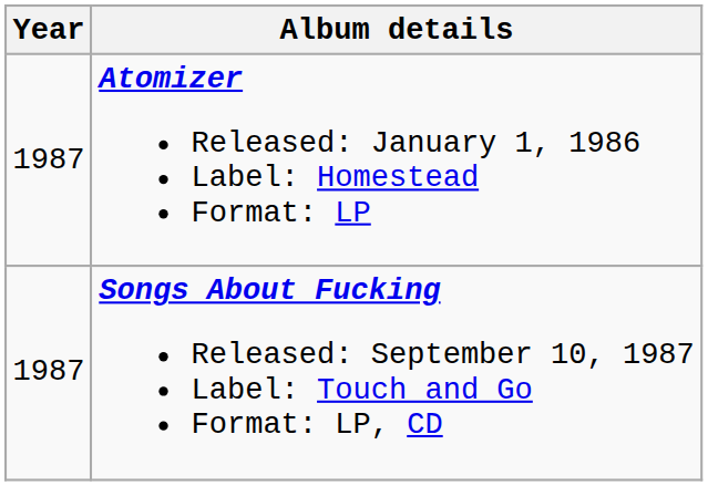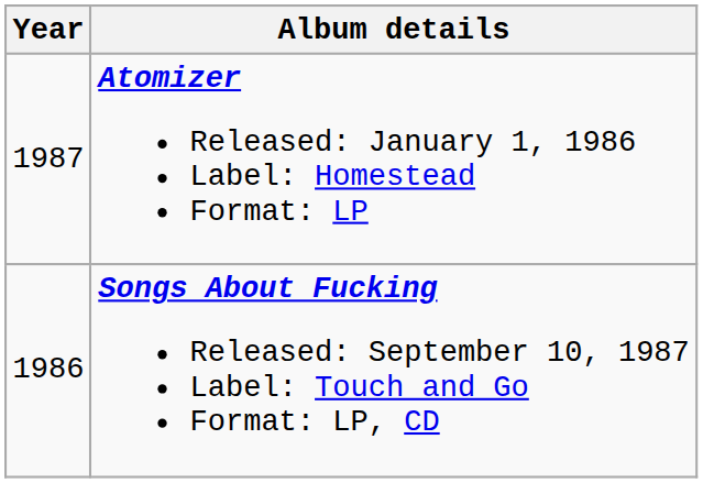 <table class ="wikitable">
 <tr>
 <th>Year</th>
 <th>Album details</th>
 </tr>
 <tr>
 <td>1987</td>
 <td><strong><em><a href='#'>Atomizer</a></em></strong><br><ul><li>Released: January 1, 1986</li><li>Label: <a href='#'>Homestead</a></li><li>Format: <a href='#'>LP</a></li></ul></td>
 </tr>
 <tr>
-<td>1987</td>
+<td>1986</td>
 <td><strong><em><a href='#'>Songs About Fucking</a></em></strong><br><ul><li>Released: September 10, 1987</li><li>Label: <a href='#'>Touch and Go</a></li><li>Format: LP, <a href='#'>CD</a></li></ul></td>
 </tr>
 </table>
